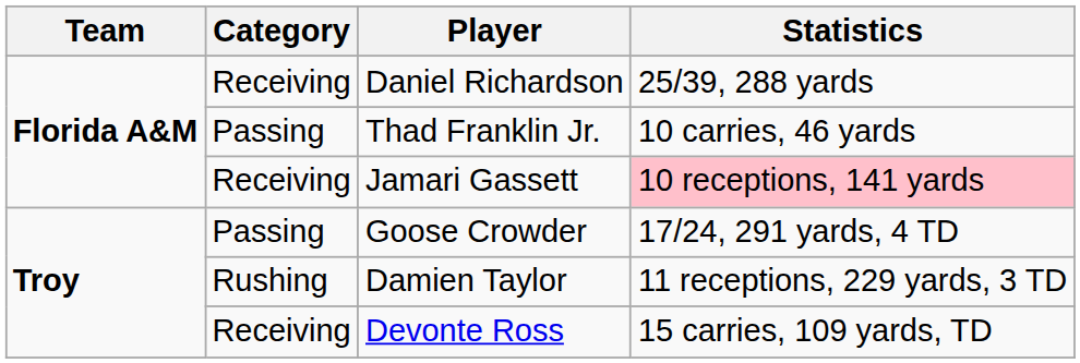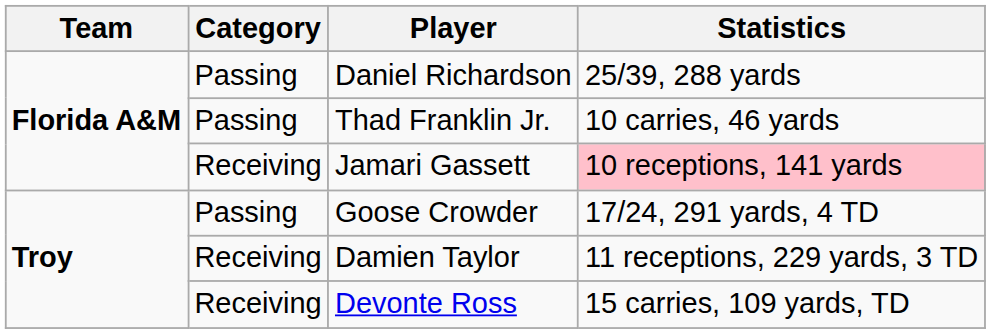 <table class="wikitable" style="float: right;">
 <tr>
 <th>Team</th>
 <th>Category</th>
 <th>Player</th>
 <th>Statistics</th>
 </tr>
 <tr>
 <td rowspan=3><strong>Florida A&M</strong></td>
-<td>Receiving</td>
+<td>Passing</td>
 <td>Daniel Richardson</td>
 <td>25/39, 288 yards</td>
 </tr>
 <tr>
 <td>Passing</td>
 <td>Thad Franklin Jr.</td>
 <td>10 carries, 46 yards</td>
 </tr>
 <tr>
 <td>Receiving</td>
 <td>Jamari Gassett</td>
 <td style="background: pink;">10 receptions, 141 yards</td>
 </tr>
 <tr>
 <td rowspan=3><strong>Troy</strong></td>
 <td>Passing</td>
 <td>Goose Crowder</td>
 <td>17/24, 291 yards, 4 TD</td>
 </tr>
 <tr>
-<td>Rushing</td>
+<td>Receiving</td>
 <td>Damien Taylor</td>
 <td>11 receptions, 229 yards, 3 TD</td>
 </tr>
 <tr>
 <td>Receiving</td>
 <td><a href='#'>Devonte Ross</a></td>
 <td>15 carries, 109 yards, TD</td>
 </tr>
 </table>
